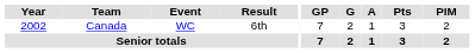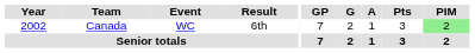 <table border="0" cellpadding="1" cellspacing="0" ID="Table3" style="text-align:center; width:40em">
 <tr ALIGN="center" bgcolor="#e0e0e0">
 <th>Year</th>
 <th>Team</th>
 <th>Event</th>
 <th>Result</th>
 <th rowspan="99" bgcolor="#ffffff"></th>
 <th>GP</th>
 <th>G</th>
 <th>A</th>
 <th>Pts</th>
 <th>PIM</th>
 </tr>
 <tr>
 <td><a href='#'>2002</a></td>
 <td><a href='#'>Canada</a></td>
 <td><a href='#'>WC</a></td>
 <td>6th</td>
 <td>7</td>
 <td>2</td>
 <td>1</td>
 <td>3</td>
-<td>2</td>
+<td style="background: lightgreen;">2</td>
 </tr>
 <tr bgcolor="#e0e0e0">
 <th colspan="4">Senior totals</th>
 <th>7</th>
 <th>2</th>
 <th>1</th>
 <th>3</th>
 <th>2</th>
 </tr>
 </table>
